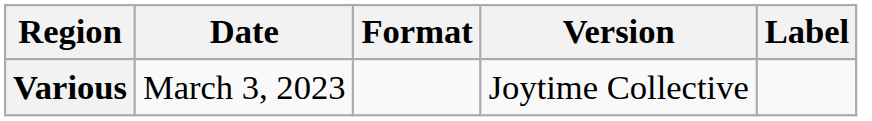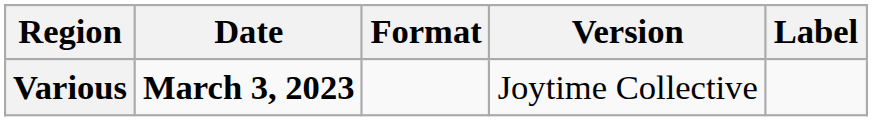 <table class="wikitable plainrowheaders">
 <tr>
 <th scope="col">Region</th>
 <th scope="col">Date</th>
 <th scope="col">Format</th>
 <th scope="col">Version</th>
 <th scope="col">Label</th>
 </tr>
 <tr>
 <th scope="row" rowspan="2">Various</th>
-<td>March 3, 2023</td>
+<td><strong>March 3, 2023</strong></td>
 <td></td>
 <td>Joytime Collective</td>
 </tr>
 </table>
